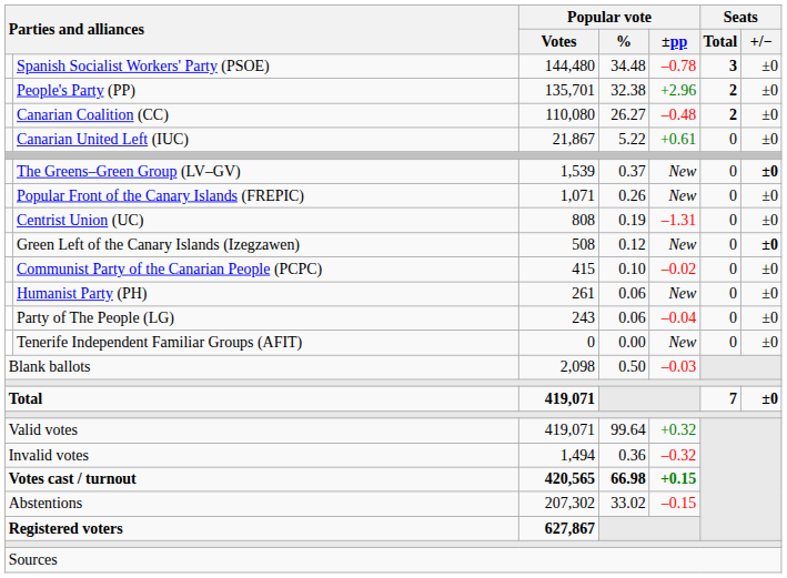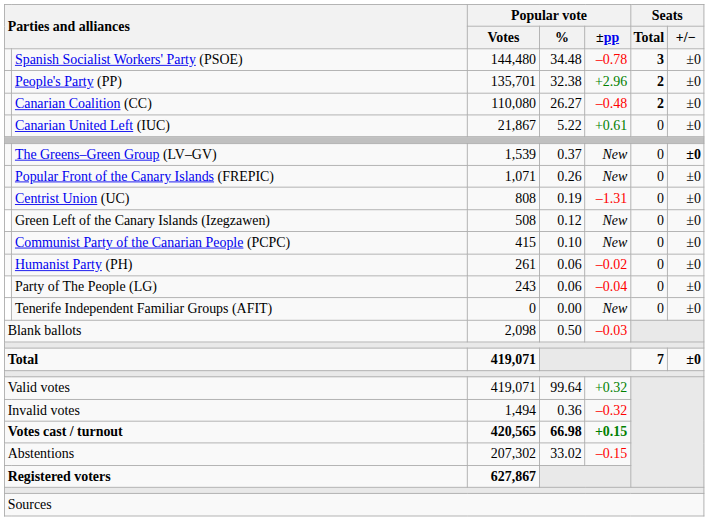 <table class="wikitable" style="text-align:right;">
 <tr>
 <th style="text-align:left;" rowspan="2" colspan="2" width="525">Parties and alliances</th>
 <th colspan="3">Popular vote</th>
 <th colspan="2">Seats</th>
 </tr>
 <tr>
 <th width="75">Votes</th>
 <th width="45">%</th>
 <th width="45">±<a href='#'>pp</a></th>
 <th width="35">Total</th>
 <th width="35">+/−</th>
 </tr>
 <tr>
 <td width="1" style="color:inherit;background:"></td>
 <td align="left"><a href='#'>Spanish Socialist Workers' Party</a> (PSOE)</td>
 <td>144,480</td>
 <td>34.48</td>
 <td style="color:red;">–0.78</td>
 <td><strong>3</strong></td>
 <td>±0</td>
 </tr>
 <tr>
 <td style="color:inherit;background:"></td>
 <td align="left"><a href='#'>People's Party</a> (PP)</td>
 <td>135,701</td>
 <td>32.38</td>
 <td style="color:green;">+2.96</td>
 <td><strong>2</strong></td>
 <td>±0</td>
 </tr>
 <tr>
 <td style="color:inherit;background:"></td>
 <td align="left"><a href='#'>Canarian Coalition</a> (CC)</td>
 <td>110,080</td>
 <td>26.27</td>
 <td style="color:red;">–0.48</td>
 <td><strong>2</strong></td>
 <td>±0</td>
 </tr>
 <tr>
 <td style="color:inherit;background:"></td>
 <td align="left"><a href='#'>Canarian United Left</a> (IUC)</td>
 <td>21,867</td>
 <td>5.22</td>
 <td style="color:green;">+0.61</td>
 <td>0</td>
 <td>±0</td>
 </tr>
 <tr>
 <td colspan="7" bgcolor="#C0C0C0"></td>
 </tr>
 <tr>
 <td style="color:inherit;background:"></td>
 <td align="left"><a href='#'>The Greens–Green Group</a> (LV–GV)</td>
 <td>1,539</td>
 <td>0.37</td>
 <td><em>New</em></td>
 <td>0</td>
 <td><strong>±0</strong></td>
 </tr>
 <tr>
 <td style="color:inherit;background:"></td>
 <td align="left"><a href='#'>Popular Front of the Canary Islands</a> (FREPIC)</td>
 <td>1,071</td>
 <td>0.26</td>
 <td><em>New</em></td>
 <td>0</td>
 <td>±0</td>
 </tr>
 <tr>
 <td style="color:inherit;background:"></td>
 <td align="left"><a href='#'>Centrist Union</a> (UC)</td>
 <td>808</td>
 <td>0.19</td>
 <td style="color:red;">–1.31</td>
 <td>0</td>
 <td>±0</td>
 </tr>
 <tr>
 <td bgcolor="white"></td>
 <td align="left">Green Left of the Canary Islands (Izegzawen)</td>
 <td>508</td>
 <td>0.12</td>
 <td><em>New</em></td>
 <td>0</td>
-<td><strong>±0</strong></td>
+<td>±0</td>
 </tr>
 <tr>
 <td style="color:inherit;background:"></td>
 <td align="left"><a href='#'>Communist Party of the Canarian People</a> (PCPC)</td>
 <td>415</td>
 <td>0.10</td>
-<td style="color:red;">–0.02</td>
+<td><em>New</em></td>
 <td>0</td>
 <td>±0</td>
 </tr>
 <tr>
 <td style="color:inherit;background:"></td>
 <td align="left"><a href='#'>Humanist Party</a> (PH)</td>
 <td>261</td>
 <td>0.06</td>
-<td><em>New</em></td>
+<td style="color:red;">–0.02</td>
 <td>0</td>
 <td>±0</td>
 </tr>
 <tr>
 <td bgcolor="white"></td>
 <td align="left">Party of The People (LG)</td>
 <td>243</td>
 <td>0.06</td>
 <td style="color:red;">–0.04</td>
 <td>0</td>
 <td>±0</td>
 </tr>
 <tr>
 <td bgcolor="white"></td>
 <td align="left">Tenerife Independent Familiar Groups (AFIT)</td>
 <td>0</td>
 <td>0.00</td>
 <td><em>New</em></td>
 <td>0</td>
 <td>±0</td>
 </tr>
 <tr>
 <td align="left" colspan="2">Blank ballots</td>
 <td>2,098</td>
 <td>0.50</td>
 <td style="color:red;">–0.03</td>
 <td bgcolor="#E9E9E9" colspan="2"></td>
 </tr>
 <tr>
 <td colspan="7" bgcolor="#E9E9E9"></td>
 </tr>
 <tr style="font-weight:bold;">
 <td align="left" colspan="2">Total</td>
 <td>419,071</td>
 <td bgcolor="#E9E9E9" colspan="2"></td>
 <td>7</td>
 <td>±0</td>
 </tr>
 <tr>
 <td colspan="7" bgcolor="#E9E9E9"></td>
 </tr>
 <tr>
 <td align="left" colspan="2">Valid votes</td>
 <td>419,071</td>
 <td>99.64</td>
 <td style="color:green;">+0.32</td>
 <td bgcolor="#E9E9E9" colspan="2" rowspan="5"></td>
 </tr>
 <tr>
 <td align="left" colspan="2">Invalid votes</td>
 <td>1,494</td>
 <td>0.36</td>
 <td style="color:red;">–0.32</td>
 </tr>
 <tr style="font-weight:bold;">
 <td align="left" colspan="2">Votes cast / turnout</td>
 <td>420,565</td>
 <td>66.98</td>
 <td style="color:green;">+0.15</td>
 </tr>
 <tr>
 <td align="left" colspan="2">Abstentions</td>
 <td>207,302</td>
 <td>33.02</td>
 <td style="color:red;">–0.15</td>
 </tr>
 <tr style="font-weight:bold;">
 <td align="left" colspan="2">Registered voters</td>
 <td>627,867</td>
 <td bgcolor="#E9E9E9" colspan="2"></td>
 </tr>
 <tr>
 <td colspan="7" bgcolor="#E9E9E9"></td>
 </tr>
 <tr>
 <td align="left" colspan="7">Sources</td>
 </tr>
 </table>
